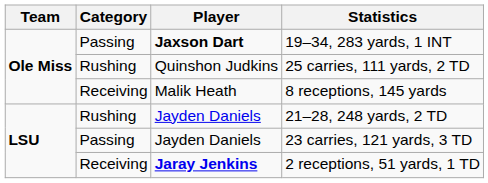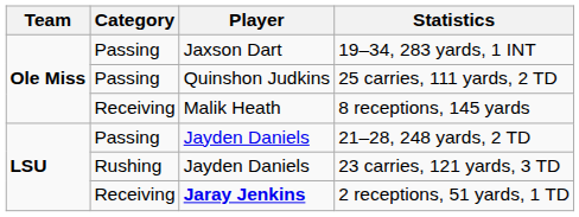 <table class="wikitable" style="float: right;">
 <tr>
 <th>Team</th>
 <th>Category</th>
 <th>Player</th>
 <th>Statistics</th>
 </tr>
 <tr>
 <td rowspan=3><strong>Ole Miss</strong></td>
 <td>Passing</td>
-<td><strong>Jaxson Dart</strong></td>
+<td>Jaxson Dart</td>
 <td>19–34, 283 yards, 1 INT</td>
 </tr>
 <tr>
-<td>Rushing</td>
+<td>Passing</td>
 <td>Quinshon Judkins</td>
 <td>25 carries, 111 yards, 2 TD</td>
 </tr>
 <tr>
 <td>Receiving</td>
 <td>Malik Heath</td>
 <td>8 receptions, 145 yards</td>
 </tr>
 <tr>
 <td rowspan=3><strong>LSU</strong></td>
-<td>Rushing</td>
+<td>Passing</td>
 <td><a href='#'>Jayden Daniels</a></td>
 <td>21–28, 248 yards, 2 TD</td>
 </tr>
 <tr>
-<td>Passing</td>
+<td>Rushing</td>
 <td>Jayden Daniels</td>
 <td>23 carries, 121 yards, 3 TD</td>
 </tr>
 <tr>
 <td>Receiving</td>
 <td><strong><a href='#'>Jaray Jenkins</a></strong></td>
 <td>2 receptions, 51 yards, 1 TD</td>
 </tr>
 </table>
